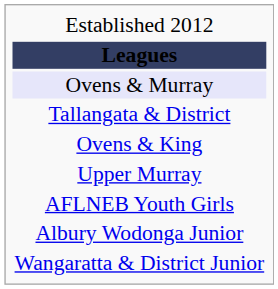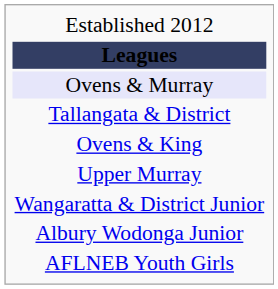 <table class="infobox"  style="text-align:center"; "font-size:90%"; width="200px">
 <tr>
 <td style="text-align:center;">Established 2012</td>
 </tr>
 <tr>
 <th style="text-align:center;" bgcolor="#333E64" div style="color:#ffffff"><strong>Leagues</strong></th>
 </tr>
 <tr style="vertical-align: top;">
 <td style="background: lavender;">Ovens & Murray</td>
 </tr>
 <tr>
 <td><a href='#'>Tallangata & District</a></td>
 </tr>
 <tr>
 <td><a href='#'>Ovens & King</a></td>
 </tr>
 <tr>
 <td><a href='#'>Upper Murray</a></td>
 </tr>
 <tr>
-<td><a href='#'>AFLNEB Youth Girls</a></td>
+<td><a href='#'>Wangaratta & District Junior</a></td>
 </tr>
 <tr>
 <td><a href='#'>Albury Wodonga Junior</a></td>
 </tr>
 <tr>
-<td><a href='#'>Wangaratta & District Junior</a></td>
+<td><a href='#'>AFLNEB Youth Girls</a></td>
 </tr>
 </table>
